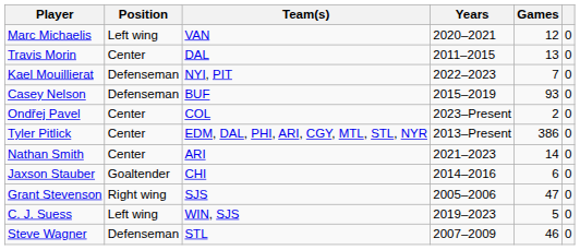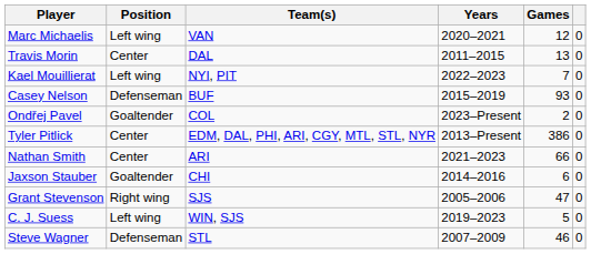 <table class="wikitable sortable">
 <tr>
 <th>Player</th>
 <th>Position</th>
 <th>Team(s)</th>
 <th>Years</th>
 <th>Games</th>
 <th><a href='#'></a></th>
 </tr>
 <tr>
 <td><a href='#'>Marc Michaelis</a></td>
 <td>Left wing</td>
 <td><a href='#'>VAN</a></td>
 <td>2020–2021</td>
 <td align=right>12</td>
 <td align=center>0</td>
 </tr>
 <tr>
 <td><a href='#'>Travis Morin</a></td>
 <td>Center</td>
 <td><a href='#'>DAL</a></td>
 <td>2011–2015</td>
 <td align=right>13</td>
 <td align=center>0</td>
 </tr>
 <tr>
 <td><a href='#'>Kael Mouillierat</a></td>
-<td>Defenseman</td>
+<td>Left wing</td>
 <td><a href='#'>NYI</a>, <a href='#'>PIT</a></td>
 <td>2022–2023</td>
 <td align=right>7</td>
 <td align=center>0</td>
 </tr>
 <tr>
 <td><a href='#'>Casey Nelson</a></td>
 <td>Defenseman</td>
 <td><a href='#'>BUF</a></td>
 <td>2015–2019</td>
 <td align=right>93</td>
 <td align=center>0</td>
 </tr>
 <tr>
 <td><a href='#'>Ondřej Pavel</a></td>
-<td>Center</td>
+<td>Goaltender</td>
 <td><a href='#'>COL</a></td>
 <td>2023–Present</td>
 <td align=right>2</td>
 <td align=center>0</td>
 </tr>
 <tr>
 <td><a href='#'>Tyler Pitlick</a></td>
 <td>Center</td>
 <td><a href='#'>EDM</a>, <a href='#'>DAL</a>, <a href='#'>PHI</a>, <a href='#'>ARI</a>, <a href='#'>CGY</a>, <a href='#'>MTL</a>, <a href='#'>STL</a>, <a href='#'>NYR</a></td>
 <td>2013–Present</td>
 <td align=right>386</td>
 <td align=center>0</td>
 </tr>
 <tr>
 <td><a href='#'>Nathan Smith</a></td>
 <td>Center</td>
 <td><a href='#'>ARI</a></td>
 <td>2021–2023</td>
-<td align=right>14</td>
+<td align=right>66</td>
 <td align=center>0</td>
 </tr>
 <tr>
 <td><a href='#'>Jaxson Stauber</a></td>
 <td>Goaltender</td>
 <td><a href='#'>CHI</a></td>
 <td>2014–2016</td>
 <td align=right>6</td>
 <td align=center>0</td>
 </tr>
 <tr>
 <td><a href='#'>Grant Stevenson</a></td>
 <td>Right wing</td>
 <td><a href='#'>SJS</a></td>
 <td>2005–2006</td>
 <td align=right>47</td>
 <td align=center>0</td>
 </tr>
 <tr>
 <td><a href='#'>C. J. Suess</a></td>
 <td>Left wing</td>
 <td><a href='#'>WIN</a>, <a href='#'>SJS</a></td>
 <td>2019–2023</td>
 <td align=right>5</td>
 <td align=center>0</td>
 </tr>
 <tr>
 <td><a href='#'>Steve Wagner</a></td>
 <td>Defenseman</td>
 <td><a href='#'>STL</a></td>
 <td>2007–2009</td>
 <td align=right>46</td>
 <td align=center>0</td>
 </tr>
 </table>
